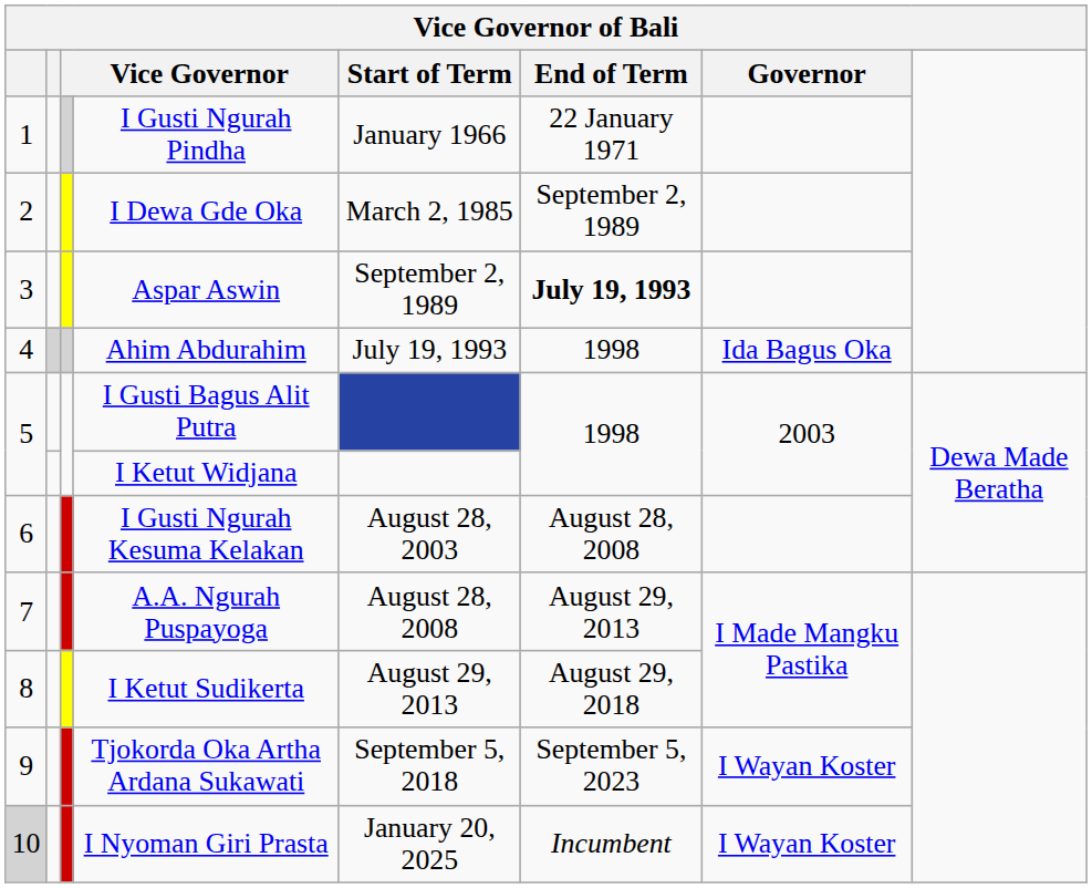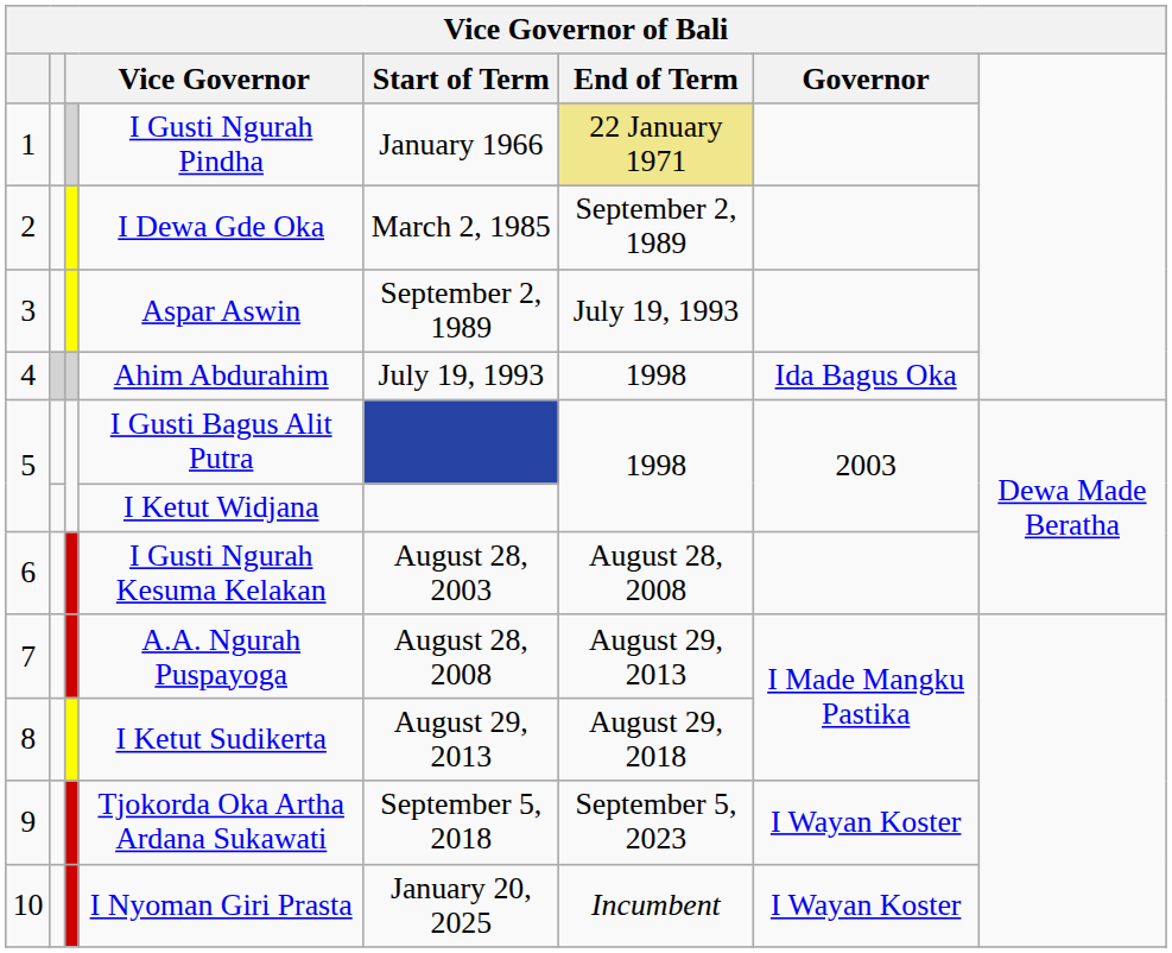 <table class="wikitable" style="text-align:center;">
 <tr>
 <th colspan="10"> <strong>Vice Governor of Bali</strong> </th>
 </tr>
 <tr>
 <th></th>
 <th></th>
 <th colspan=2>Vice Governor</th>
 <th>Start of Term</th>
 <th>End of Term</th>
 <th>Governor</th>
 </tr>
 <tr>
 <td>1</td>
 <td></td>
 <td bgcolor="#d3d3d3"></td>
 <td><a href='#'>I Gusti Ngurah Pindha</a></td>
 <td>January 1966</td>
-<td>22 January 1971</td>
+<td style="background: khaki;">22 January 1971</td>
 <td></td>
 </tr>
 <tr>
 <td>2</td>
 <td></td>
 <td bgcolor="#ffff00"></td>
 <td><a href='#'>I Dewa Gde Oka</a></td>
 <td>March 2, 1985</td>
 <td>September 2, 1989</td>
 <td></td>
 </tr>
 <tr>
 <td>3</td>
 <td></td>
 <td bgcolor="#ffff00"></td>
 <td><a href='#'>Aspar Aswin</a></td>
 <td>September 2, 1989</td>
-<td><strong>July 19, 1993</strong></td>
+<td>July 19, 1993</td>
 <td></td>
 </tr>
 <tr>
 <td>4</td>
 <td style="background:#d3d3d3"><br></td>
 <td style="background:#d3d3d3"></td>
 <td><a href='#'>Ahim Abdurahim</a></td>
 <td>July 19, 1993</td>
 <td>1998</td>
 <td><a href='#'>Ida Bagus Oka</a></td>
 </tr>
 <tr>
 <td rowspan="2">5</td>
 <td></td>
 <td rowspan="2"></td>
 <td><a href='#'>I Gusti Bagus Alit Putra</a></td>
 <td style="background:#2643A3"></td>
 <td rowspan="2">1998</td>
 <td rowspan="2">2003</td>
 <td rowspan="3"><a href='#'>Dewa Made Beratha</a></td>
 </tr>
 <tr>
 <td></td>
 <td><a href='#'>I Ketut Widjana</a></td>
 </tr>
 <tr>
 <td>6</td>
 <td></td>
 <td bgcolor="#cd0000"></td>
 <td><a href='#'>I Gusti Ngurah Kesuma Kelakan</a></td>
 <td>August 28, 2003</td>
 <td>August 28, 2008</td>
 </tr>
 <tr>
 <td>7</td>
 <td></td>
 <td bgcolor="#cd0000"></td>
 <td><a href='#'>A.A. Ngurah Puspayoga</a></td>
 <td>August 28, 2008</td>
 <td>August 29, 2013</td>
 <td rowspan="2"><a href='#'>I Made Mangku Pastika</a></td>
 </tr>
 <tr>
 <td>8</td>
 <td></td>
 <td bgcolor="#ffff00"></td>
 <td><a href='#'>I Ketut Sudikerta</a></td>
 <td>August 29, 2013</td>
 <td>August 29, 2018</td>
 </tr>
 <tr>
 <td>9</td>
 <td></td>
 <td bgcolor="#cd0000"></td>
 <td><a href='#'>Tjokorda Oka Artha<br> Ardana Sukawati</a></td>
 <td>September 5, 2018</td>
 <td>September 5, 2023</td>
 <td><a href='#'>I Wayan Koster</a></td>
 </tr>
 <tr>
-<td style="background: lightgrey;">10</td>
+<td>10</td>
 <td></td>
 <td bgcolor="#cd0000"></td>
 <td><a href='#'>I Nyoman Giri Prasta</a></td>
 <td>January 20, 2025</td>
 <td><em>Incumbent</em></td>
 <td><a href='#'>I Wayan Koster</a></td>
 </tr>
 </table>
